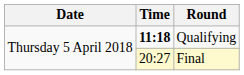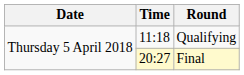 <table class="wikitable">
 <tr>
 <th>Date</th>
 <th>Time</th>
 <th>Round</th>
 </tr>
 <tr>
 <td rowspan=2>Thursday 5 April 2018</td>
-<td><strong>11:18</strong></td>
+<td>11:18</td>
 <td>Qualifying</td>
 </tr>
 <tr>
 <td style=background:lemonchiffon>20:27</td>
 <td style=background:lemonchiffon>Final</td>
 </tr>
 </table>
